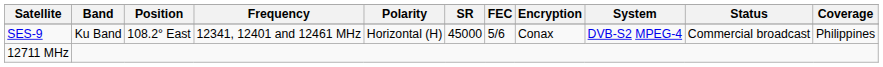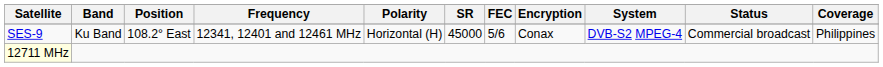 <table class="wikitable float center" style="=width:500px;">
 <tr>
 </tr>
 <tr style="font-size:90%">
 <th>Satellite</th>
 <th>Band</th>
 <th>Position</th>
 <th>Frequency</th>
 <th>Polarity</th>
 <th>SR</th>
 <th>FEC</th>
 <th>Encryption</th>
 <th>System</th>
 <th>Status</th>
 <th>Coverage</th>
 </tr>
 <tr>
 </tr>
 <tr style="font-size:90%">
 <td rowspan=2><a href='#'>SES-9</a></td>
 <td rowspan=2>Ku Band</td>
 <td rowspan=2>108.2° East</td>
 <td>12341, 12401 and 12461 MHz</td>
 <td rowspan=2>Horizontal (H)</td>
 <td rowspan=2>45000</td>
 <td rowspan=2>5/6</td>
 <td rowspan=2>Conax</td>
 <td rowspan=2><a href='#'>DVB-S2</a> <a href='#'>MPEG-4</a></td>
 <td rowspan=2>Commercial broadcast</td>
 <td rowspan=2>Philippines</td>
 </tr>
 <tr>
 </tr>
 <tr style="font-size:90%">
-<td>12711 MHz</td>
+<td style="background: lightyellow;">12711 MHz</td>
 </tr>
 </table>
